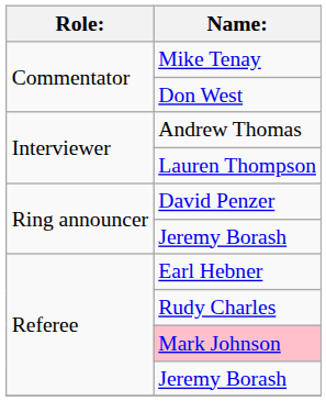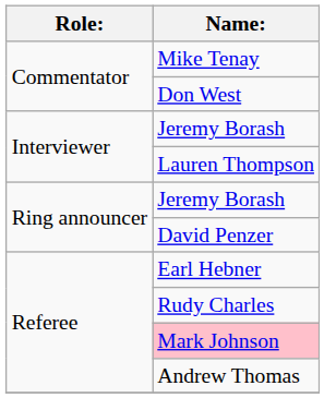 <table class=wikitable style="font-size:90%; margin: 0.5em 0 0.5em 1em; float: right; clear: right;">
 <tr>
 <th>Role:</th>
 <th>Name:</th>
 </tr>
 <tr>
 <td rowspan="2">Commentator</td>
 <td><a href='#'>Mike Tenay</a></td>
 </tr>
 <tr>
 <td><a href='#'>Don West</a></td>
 </tr>
 <tr>
 <td rowspan="2">Interviewer</td>
-<td>Andrew Thomas</td>
+<td><a href='#'>Jeremy Borash</a></td>
 </tr>
 <tr>
 <td><a href='#'>Lauren Thompson</a></td>
 </tr>
 <tr>
 <td rowspan="2">Ring announcer</td>
-<td><a href='#'>David Penzer</a></td>
+<td><a href='#'>Jeremy Borash</a></td>
 </tr>
 <tr>
-<td><a href='#'>Jeremy Borash</a></td>
+<td><a href='#'>David Penzer</a></td>
 </tr>
 <tr>
 <td rowspan="4">Referee</td>
 <td><a href='#'>Earl Hebner</a></td>
 </tr>
 <tr>
 <td><a href='#'>Rudy Charles</a></td>
 </tr>
 <tr>
 <td style="background: pink;"><a href='#'>Mark Johnson</a></td>
 </tr>
 <tr>
-<td><a href='#'>Jeremy Borash</a></td>
+<td>Andrew Thomas</td>
 </tr>
 <tr>
 </tr>
 </table>
